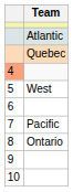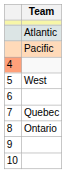 <table class="wikitable">
 <tr>
 <th width=20></th>
 <th>Team</th>
 </tr>
 <tr style="background:#F7F6A8;">
 <td style="text-align:center;"></td>
 <td></td>
 </tr>
 <tr style="background:#DCE5E5;">
 <td style="text-align:center;"></td>
 <td> Atlantic</td>
 </tr>
 <tr style="background:#FFDAB9;">
 <td style="text-align:center;"></td>
-<td> Quebec</td>
+<td> Pacific</td>
 </tr>
 <tr>
 <td style="background: lightsalmon;">4</td>
 <td></td>
 </tr>
 <tr style="background:#ffffff;">
 <td>5</td>
 <td> West</td>
 </tr>
 <tr style="background:#ffffff;">
 <td>6</td>
 <td></td>
 </tr>
 <tr style="background:#ffffff;">
 <td>7</td>
-<td> Pacific</td>
+<td> Quebec</td>
 </tr>
 <tr style="background:#ffffff;">
 <td>8</td>
 <td> Ontario</td>
 </tr>
 <tr style="background:#ffffff;">
 <td>9</td>
 <td></td>
 </tr>
 <tr style="background:#ffffff;">
 <td>10</td>
 <td></td>
 </tr>
 </table>
